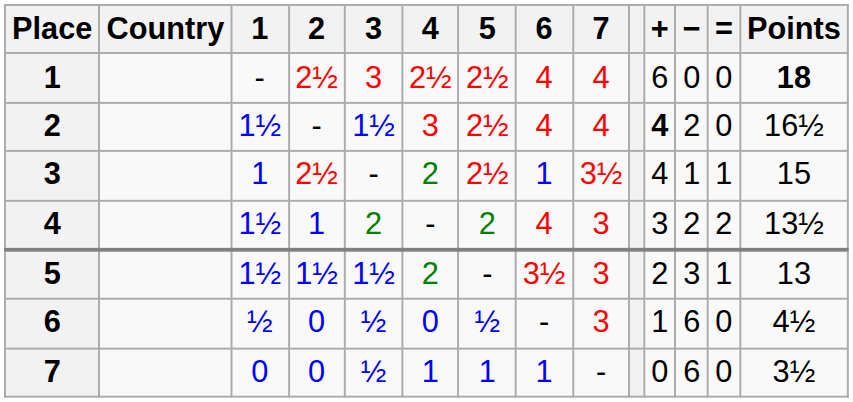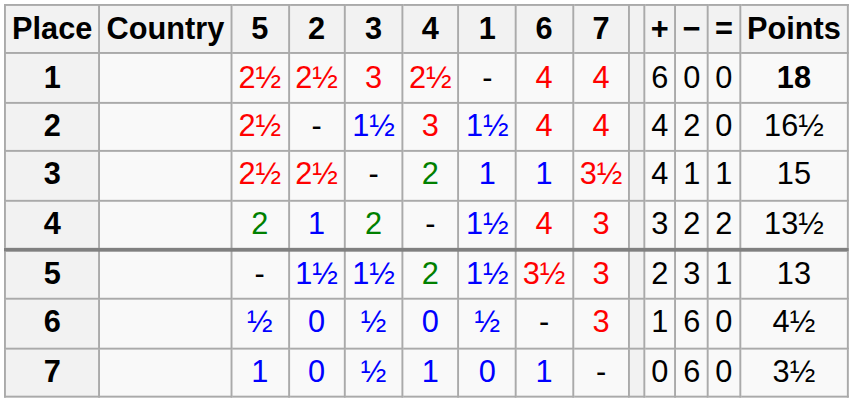 <table class="wikitable" style="text-align:center">
 <tr>
 <th>Place</th>
 <th>Country</th>
-<th>1</th>
+<th>5</th>
 <th>2</th>
 <th>3</th>
 <th>4</th>
-<th>5</th>
+<th>1</th>
 <th>6</th>
 <th>7</th>
 <th></th>
 <th>+</th>
 <th>−</th>
 <th>=</th>
 <th>Points</th>
 </tr>
 <tr>
 <th>1</th>
 <td style="text-align: left"></td>
-<td>-</td>
+<td style="color: red;">2½</td>
 <td style="color: red;">2½</td>
 <td style="color: red;">3</td>
 <td style="color: red;">2½</td>
-<td style="color: red;">2½</td>
+<td>-</td>
 <td style="color: red;">4</td>
 <td style="color: red;">4</td>
 <th></th>
 <td>6</td>
 <td>0</td>
 <td>0</td>
 <td><strong>18</strong></td>
 </tr>
 <tr>
 <th>2</th>
 <td style="text-align: left"></td>
-<td style="color: blue;">1½</td>
+<td style="color: red;">2½</td>
 <td>-</td>
 <td style="color: blue;">1½</td>
 <td style="color: red;">3</td>
-<td style="color: red;">2½</td>
+<td style="color: blue;">1½</td>
 <td style="color: red;">4</td>
 <td style="color: red;">4</td>
 <th></th>
-<td><strong>4</strong></td>
+<td>4</td>
 <td>2</td>
 <td>0</td>
 <td>16½</td>
 </tr>
 <tr>
 <th>3</th>
 <td style="text-align: left"></td>
-<td style="color: blue;">1</td>
+<td style="color: red;">2½</td>
 <td style="color: red;">2½</td>
 <td>-</td>
 <td style="color: green">2</td>
-<td style="color: red;">2½</td>
+<td style="color: blue;">1</td>
 <td style="color: blue;">1</td>
 <td style="color: red;">3½</td>
 <th></th>
 <td>4</td>
 <td>1</td>
 <td>1</td>
 <td>15</td>
 </tr>
 <tr>
 <th>4</th>
 <td style="text-align: left"></td>
-<td style="color: blue;">1½</td>
+<td style="color: green">2</td>
 <td style="color: blue;">1</td>
 <td style="color: green">2</td>
 <td>-</td>
-<td style="color: green">2</td>
+<td style="color: blue;">1½</td>
 <td style="color: red;">4</td>
 <td style="color: red;">3</td>
 <th></th>
 <td>3</td>
 <td>2</td>
 <td>2</td>
 <td>13½</td>
 </tr>
 <tr style="border-top:2px solid grey;">
 <th>5</th>
 <td style="text-align: left"></td>
-<td style="color: blue;">1½</td>
+<td>-</td>
 <td style="color: blue;">1½</td>
 <td style="color: blue;">1½</td>
 <td style="color: green">2</td>
-<td>-</td>
+<td style="color: blue;">1½</td>
 <td style="color: red;">3½</td>
 <td style="color: red;">3</td>
 <th></th>
 <td>2</td>
 <td>3</td>
 <td>1</td>
 <td>13</td>
 </tr>
 <tr>
 <th>6</th>
 <td style="text-align: left"></td>
 <td style="color: blue;">½</td>
 <td style="color: blue;">0</td>
 <td style="color: blue;">½</td>
 <td style="color: blue;">0</td>
 <td style="color: blue;">½</td>
 <td>-</td>
 <td style="color: red;">3</td>
 <th></th>
 <td>1</td>
 <td>6</td>
 <td>0</td>
 <td>4½</td>
 </tr>
 <tr>
 <th>7</th>
 <td style="text-align: left"></td>
-<td style="color: blue;">0</td>
+<td style="color: blue;">1</td>
 <td style="color: blue;">0</td>
 <td style="color: blue;">½</td>
 <td style="color: blue;">1</td>
-<td style="color: blue;">1</td>
+<td style="color: blue;">0</td>
 <td style="color: blue;">1</td>
 <td>-</td>
 <th></th>
 <td>0</td>
 <td>6</td>
 <td>0</td>
 <td>3½</td>
 </tr>
 </table>
